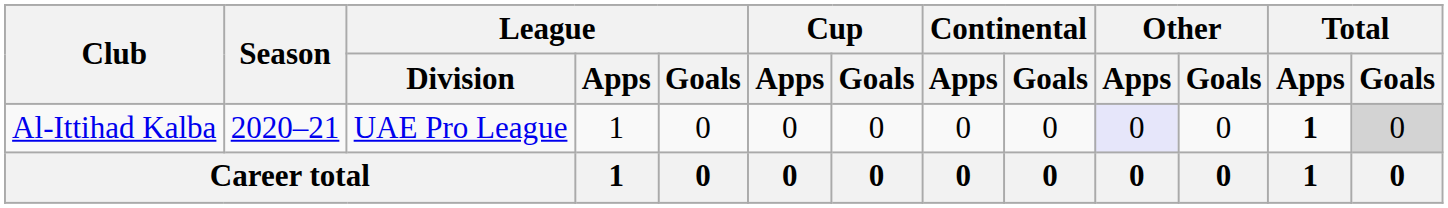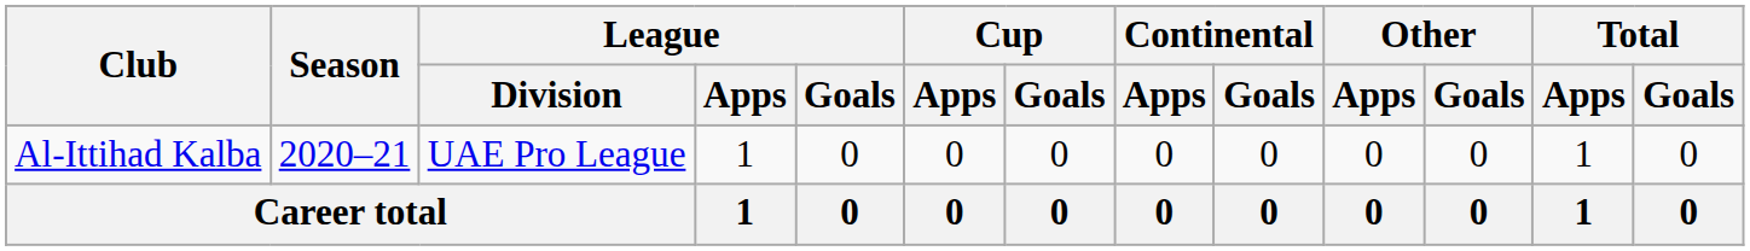 <table class="wikitable" style="text-align: center">
 <tr>
 <th rowspan="2">Club</th>
 <th rowspan="2">Season</th>
 <th colspan="3">League</th>
 <th colspan="2">Cup</th>
 <th colspan="2">Continental</th>
 <th colspan="2">Other</th>
 <th colspan="2">Total</th>
 </tr>
 <tr>
 <th>Division</th>
 <th>Apps</th>
 <th>Goals</th>
 <th>Apps</th>
 <th>Goals</th>
 <th>Apps</th>
 <th>Goals</th>
 <th>Apps</th>
 <th>Goals</th>
 <th>Apps</th>
 <th>Goals</th>
 </tr>
 <tr>
 <td><a href='#'>Al-Ittihad Kalba</a></td>
 <td><a href='#'>2020–21</a></td>
 <td><a href='#'>UAE Pro League</a></td>
 <td>1</td>
 <td>0</td>
 <td>0</td>
 <td>0</td>
 <td>0</td>
 <td>0</td>
-<td style="background: lavender;">0</td>
 <td>0</td>
-<td><strong>1</strong></td>
-<td style="background: lightgrey;">0</td>
+<td>0</td>
+<td>1</td>
+<td>0</td>
 </tr>
 <tr>
 <th colspan="3"><strong>Career total</strong></th>
 <th>1</th>
 <th>0</th>
 <th>0</th>
 <th>0</th>
 <th>0</th>
 <th>0</th>
 <th>0</th>
 <th>0</th>
 <th>1</th>
 <th>0</th>
 </tr>
 </table>
